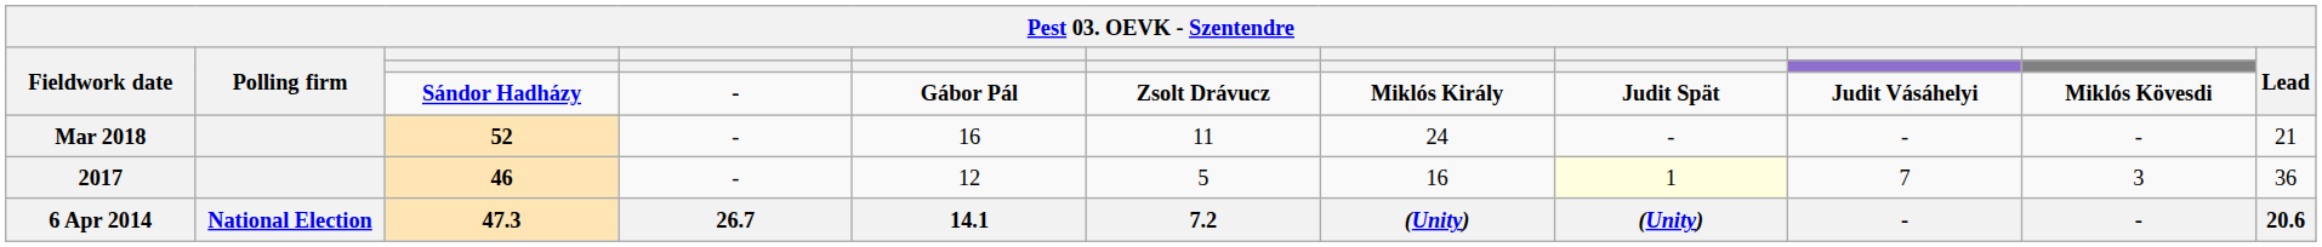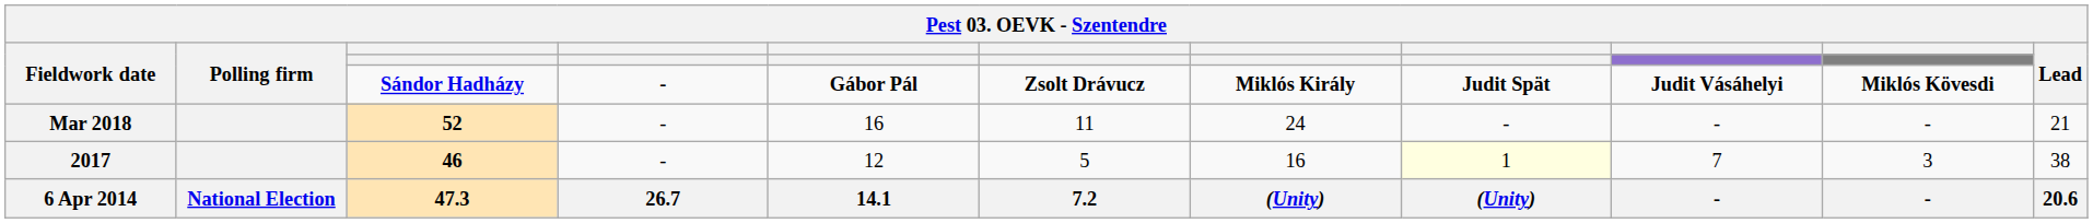 <table class="wikitable mw-collapsible mw-collapsed" style="text-align:center">
 <tr>
 <th colspan="11" style="width: 980pt;"><small><a href='#'>Pest</a> 03. OEVK - <a href='#'>Szentendre</a></small></th>
 </tr>
 <tr>
 <th rowspan="3" style="width: 80pt;"><small>Fieldwork</small> <small>date</small></th>
 <th rowspan="3" style="width: 80pt;"><strong><small>Polling</small> <small>firm</small></strong></th>
 <th style="width: 100pt;"><small></small></th>
 <th style="width: 100pt;"><small> </small></th>
 <th style="width: 100pt;"></th>
 <th style="width: 100pt;"></th>
 <th style="width: 100pt;"></th>
 <th style="width: 100pt;"></th>
 <th style="width: 100pt;"></th>
 <th style="width: 100pt;"></th>
 <th rowspan="3" style="width: 20pt;"><small>Lead</small></th>
 </tr>
 <tr>
 <th style="color:inherit;background:"></th>
 <th style="color:inherit;background:"></th>
 <th style="color:inherit;background:"></th>
 <th style="color:inherit;background:"></th>
 <th style="color:inherit;background:"></th>
 <th style="color:inherit;background:"></th>
 <th style="color:inherit;background:#8E6FCE;"></th>
 <th style="color:inherit;background:#808080;"></th>
 </tr>
 <tr>
 <td><a href='#'><small><strong>Sándor Hadházy</strong></small></a></td>
 <td><small><strong>-</strong></small></td>
 <td><small><strong>Gábor Pál</strong></small></td>
 <td><small><strong>Zsolt Drávucz</strong></small></td>
 <td><small><strong>Miklós Király</strong></small></td>
 <td><small><strong>Judit Spät</strong></small></td>
 <td><small><strong>Judit Vásáhelyi</strong></small></td>
 <td><small><strong>Miklós Kövesdi</strong></small></td>
 </tr>
 <tr>
 <th><small>Mar 2018</small></th>
 <th><small></small></th>
 <td style="background:#FFE5B4"><small><strong>52</strong></small></td>
 <td><small>-</small></td>
 <td><small>16</small></td>
 <td><small>11</small></td>
 <td><small>24</small></td>
 <td><small>-</small></td>
 <td><small>-</small></td>
 <td><small>-</small></td>
 <td style="background:"><small>21</small></td>
 </tr>
 <tr>
 <th><small>2017</small></th>
 <th><small></small></th>
 <td style="background:#FFE5B4"><small><strong>46</strong></small></td>
 <td><small>-</small></td>
 <td><small>12</small></td>
 <td><small>5</small></td>
 <td><small>16</small></td>
 <td style="background: lightyellow;"><small>1</small></td>
 <td><small>7</small></td>
 <td><small>3</small></td>
-<td style="background:"><small>36</small></td>
+<td style="background:"><small>38</small></td>
 </tr>
 <tr>
 <th><small>6 Apr 2014</small></th>
 <th><a href='#'><small>National Election</small></a></th>
 <th style="background:#FFE5B4"><small><strong>47.3</strong></small></th>
 <th><small>26.7</small></th>
 <th><small>14.1</small></th>
 <th><small>7.2</small></th>
 <th><small><em>(<a href='#'>Unity</a>)</em></small></th>
 <th><small><em>(<a href='#'>Unity</a>)</em></small></th>
 <th><small>-</small></th>
 <th><small>-</small></th>
 <th style="background:"><small>20.6</small></th>
 </tr>
 </table>
